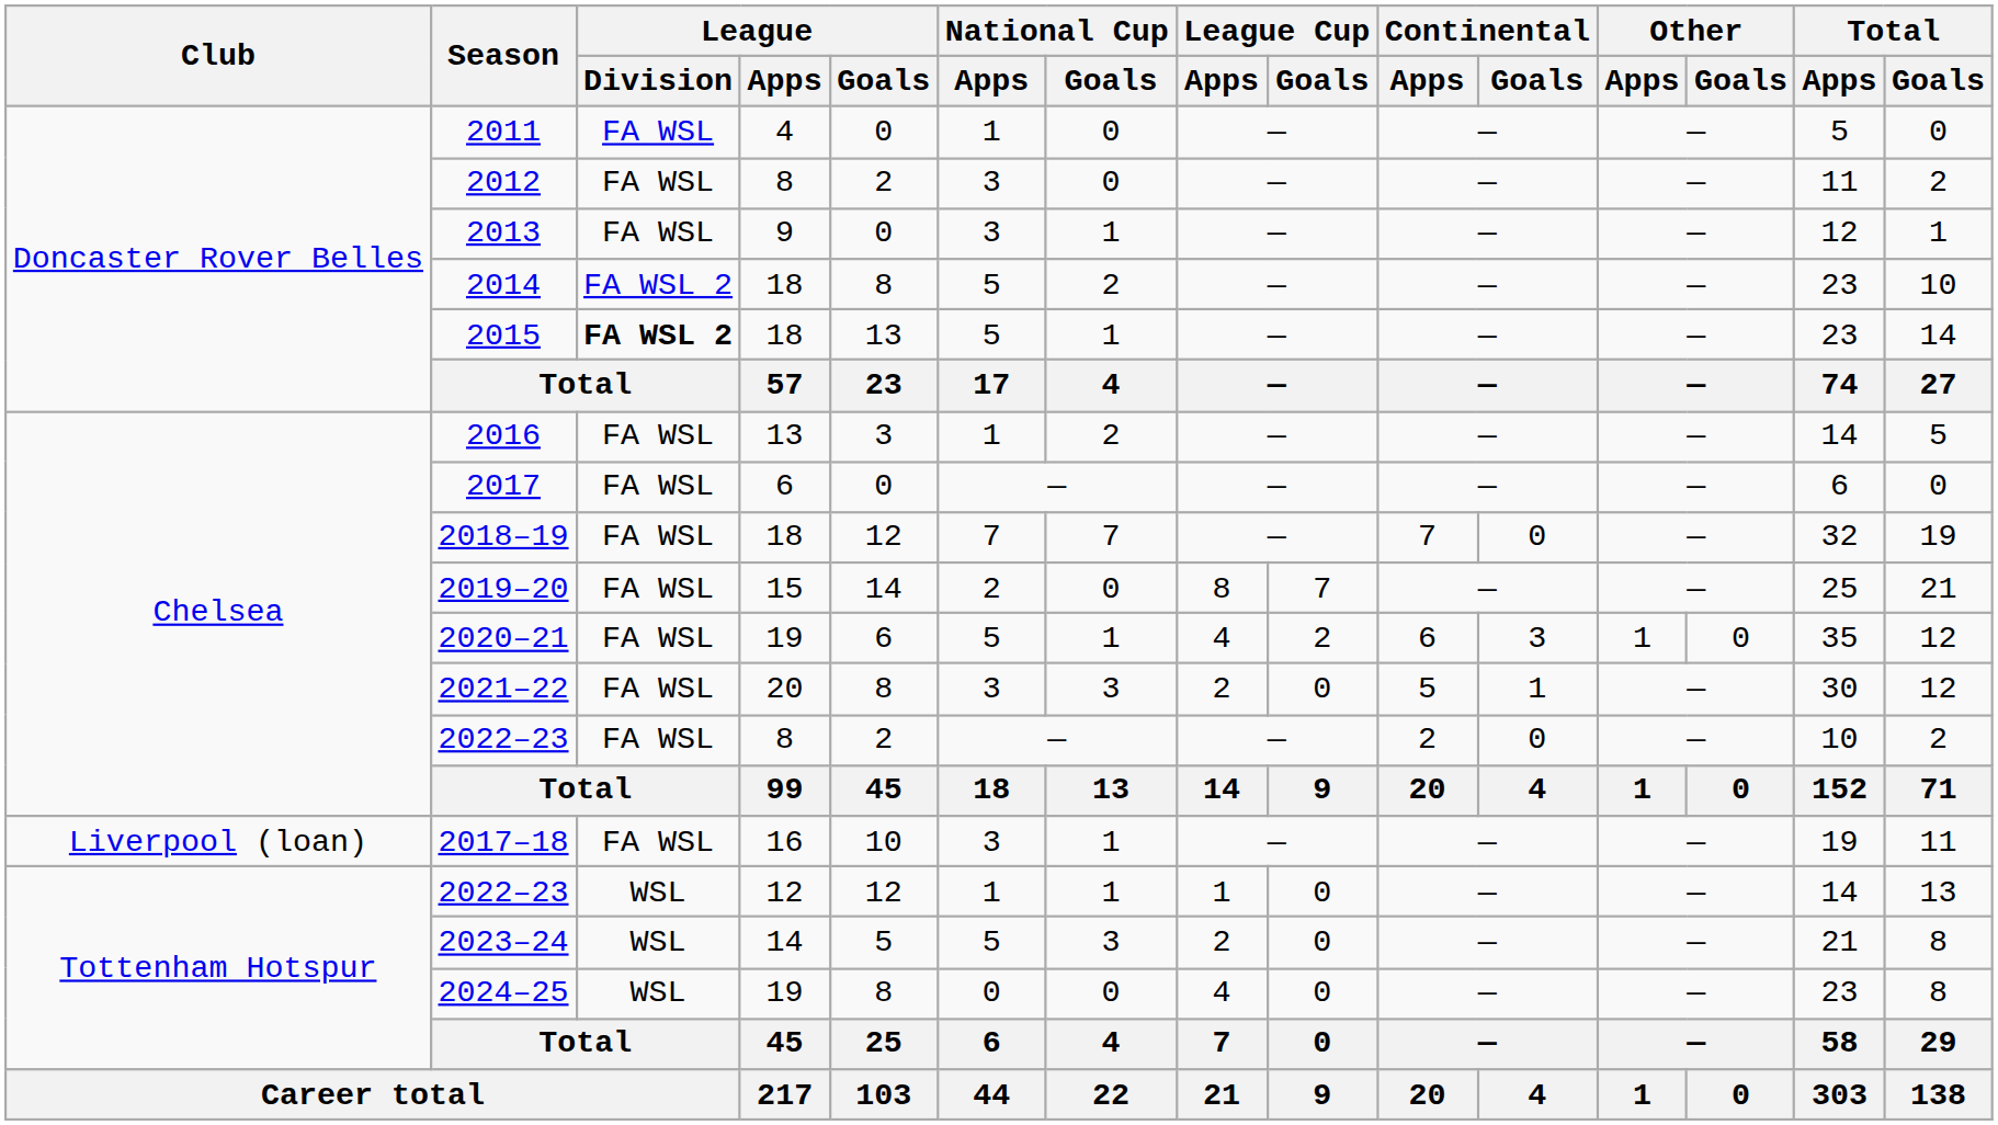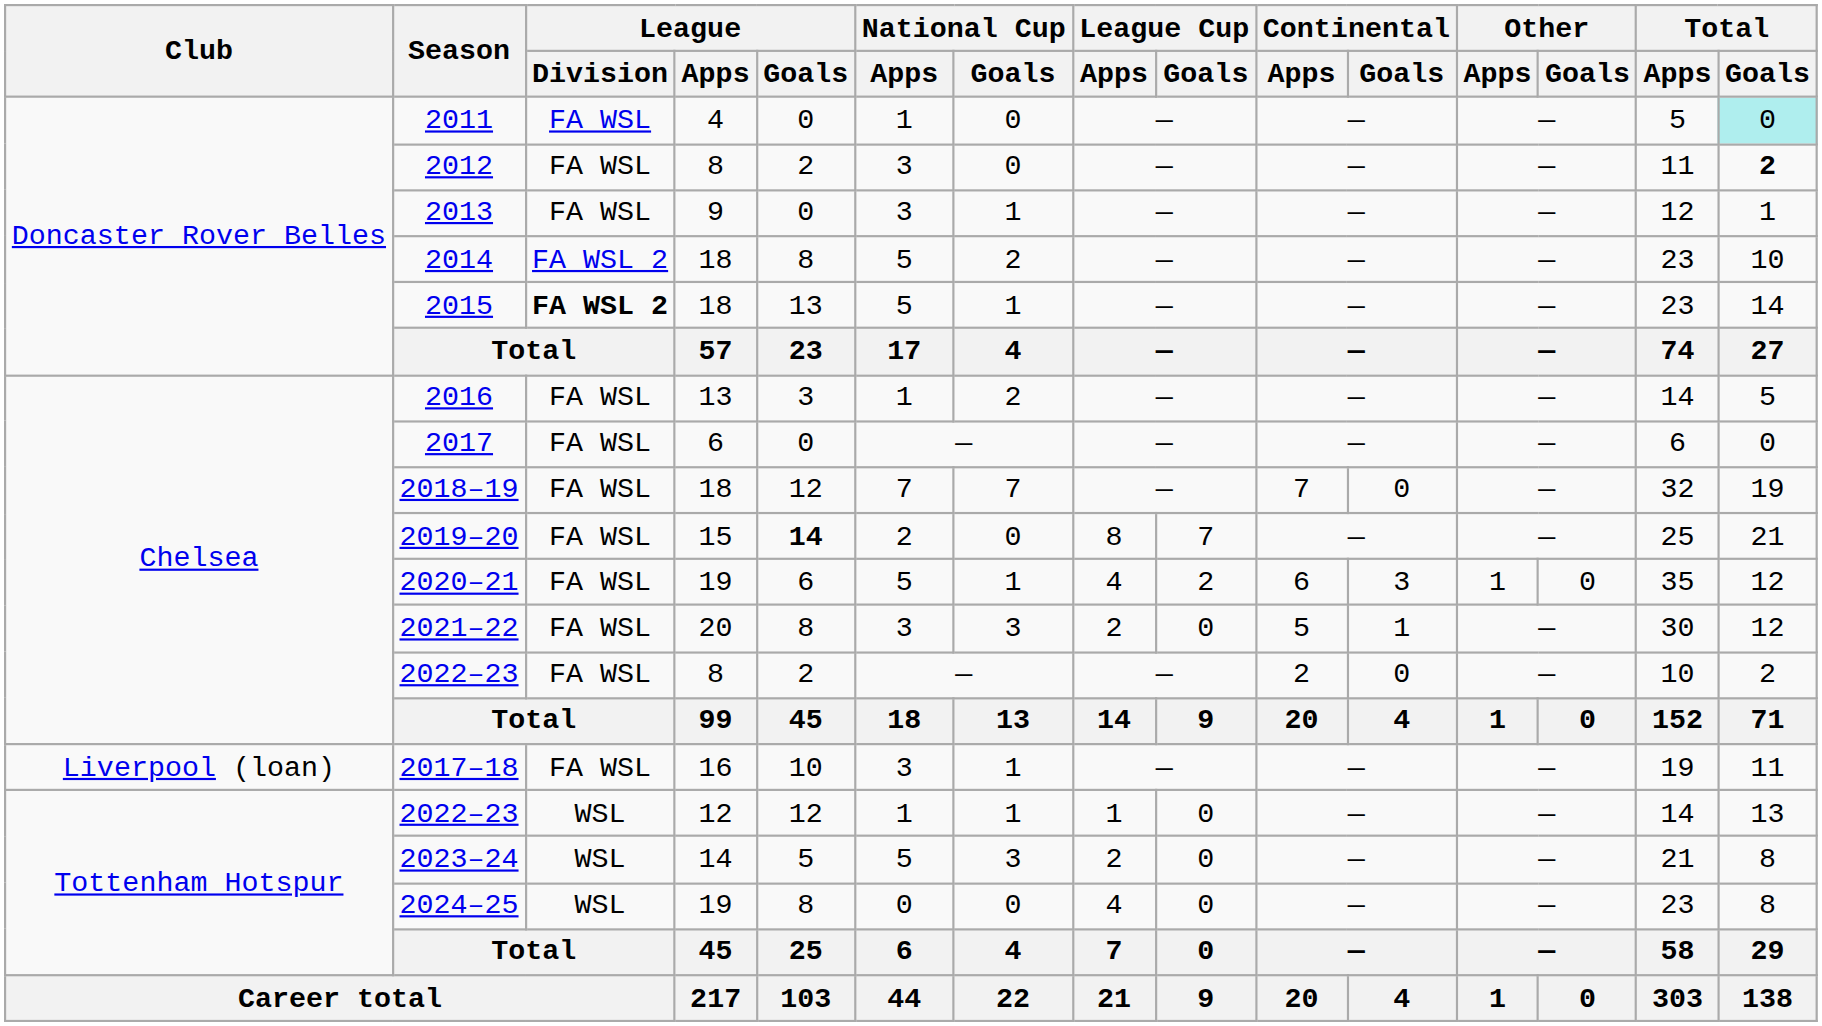 <table class="wikitable" style="text-align: center">
 <tr>
 <th rowspan="2">Club</th>
 <th rowspan="2">Season</th>
 <th colspan="3">League</th>
 <th colspan="2">National Cup</th>
 <th colspan="2">League Cup</th>
 <th colspan="2">Continental</th>
 <th colspan="2">Other</th>
 <th colspan="2">Total</th>
 </tr>
 <tr>
 <th>Division</th>
 <th>Apps</th>
 <th>Goals</th>
 <th>Apps</th>
 <th>Goals</th>
 <th>Apps</th>
 <th>Goals</th>
 <th>Apps</th>
 <th>Goals</th>
 <th>Apps</th>
 <th>Goals</th>
 <th>Apps</th>
 <th>Goals</th>
 </tr>
 <tr>
 <td rowspan="6"><a href='#'>Doncaster Rover Belles</a></td>
 <td><a href='#'>2011</a></td>
 <td><a href='#'>FA WSL</a></td>
 <td>4</td>
 <td>0</td>
 <td>1</td>
 <td>0</td>
 <td colspan="2">—</td>
 <td colspan="2">—</td>
 <td colspan="2">—</td>
 <td>5</td>
-<td>0</td>
+<td style="background: paleturquoise;">0</td>
 </tr>
 <tr>
 <td><a href='#'>2012</a></td>
 <td>FA WSL</td>
 <td>8</td>
 <td>2</td>
 <td>3</td>
 <td>0</td>
 <td colspan="2">—</td>
 <td colspan="2">—</td>
 <td colspan="2">—</td>
 <td>11</td>
-<td>2</td>
+<td><strong>2</strong></td>
 </tr>
 <tr>
 <td><a href='#'>2013</a></td>
 <td>FA WSL</td>
 <td>9</td>
 <td>0</td>
 <td>3</td>
 <td>1</td>
 <td colspan="2">—</td>
 <td colspan="2">—</td>
 <td colspan="2">—</td>
 <td>12</td>
 <td>1</td>
 </tr>
 <tr>
 <td><a href='#'>2014</a></td>
 <td><a href='#'>FA WSL 2</a></td>
 <td>18</td>
 <td>8</td>
 <td>5</td>
 <td>2</td>
 <td colspan="2">—</td>
 <td colspan="2">—</td>
 <td colspan="2">—</td>
 <td>23</td>
 <td>10</td>
 </tr>
 <tr>
 <td><a href='#'>2015</a></td>
 <td><strong>FA WSL 2</strong></td>
 <td>18</td>
 <td>13</td>
 <td>5</td>
 <td>1</td>
 <td colspan="2">—</td>
 <td colspan="2">—</td>
 <td colspan="2">—</td>
 <td>23</td>
 <td>14</td>
 </tr>
 <tr>
 <th colspan="2">Total</th>
 <th>57</th>
 <th>23</th>
 <th>17</th>
 <th>4</th>
 <th colspan="2">—</th>
 <th colspan="2">—</th>
 <th colspan="2">—</th>
 <th>74</th>
 <th>27</th>
 </tr>
 <tr>
 <td rowspan="8"><a href='#'>Chelsea</a></td>
 <td><a href='#'>2016</a></td>
 <td>FA WSL</td>
 <td>13</td>
 <td>3</td>
 <td>1</td>
 <td>2</td>
 <td colspan="2">—</td>
 <td colspan="2">—</td>
 <td colspan="2">—</td>
 <td>14</td>
 <td>5</td>
 </tr>
 <tr>
 <td><a href='#'>2017</a></td>
 <td>FA WSL</td>
 <td>6</td>
 <td>0</td>
 <td colspan="2">—</td>
 <td colspan="2">—</td>
 <td colspan="2">—</td>
 <td colspan="2">—</td>
 <td>6</td>
 <td>0</td>
 </tr>
 <tr>
 <td><a href='#'>2018–19</a></td>
 <td>FA WSL</td>
 <td>18</td>
 <td>12</td>
 <td>7</td>
 <td>7</td>
 <td colspan="2">—</td>
 <td>7</td>
 <td>0</td>
 <td colspan="2">—</td>
 <td>32</td>
 <td>19</td>
 </tr>
 <tr>
 <td><a href='#'>2019–20</a></td>
 <td>FA WSL</td>
 <td>15</td>
-<td>14</td>
+<td><strong>14</strong></td>
 <td>2</td>
 <td>0</td>
 <td>8</td>
 <td>7</td>
 <td colspan="2">—</td>
 <td colspan="2">—</td>
 <td>25</td>
 <td>21</td>
 </tr>
 <tr>
 <td><a href='#'>2020–21</a></td>
 <td>FA WSL</td>
 <td>19</td>
 <td>6</td>
 <td>5</td>
 <td>1</td>
 <td>4</td>
 <td>2</td>
 <td>6</td>
 <td>3</td>
 <td>1</td>
 <td>0</td>
 <td>35</td>
 <td>12</td>
 </tr>
 <tr>
 <td><a href='#'>2021–22</a></td>
 <td>FA WSL</td>
 <td>20</td>
 <td>8</td>
 <td>3</td>
 <td>3</td>
 <td>2</td>
 <td>0</td>
 <td>5</td>
 <td>1</td>
 <td colspan="2">—</td>
 <td>30</td>
 <td>12</td>
 </tr>
 <tr>
 <td><a href='#'>2022–23</a></td>
 <td>FA WSL</td>
 <td>8</td>
 <td>2</td>
 <td colspan="2">—</td>
 <td colspan="2">—</td>
 <td>2</td>
 <td>0</td>
 <td colspan="2">—</td>
 <td>10</td>
 <td>2</td>
 </tr>
 <tr>
 <th colspan="2">Total</th>
 <th>99</th>
 <th>45</th>
 <th>18</th>
 <th>13</th>
 <th>14</th>
 <th>9</th>
 <th>20</th>
 <th>4</th>
 <th>1</th>
 <th>0</th>
 <th>152</th>
 <th>71</th>
 </tr>
 <tr>
 <td><a href='#'>Liverpool</a> (loan)</td>
 <td><a href='#'>2017–18</a></td>
 <td>FA WSL</td>
 <td>16</td>
 <td>10</td>
 <td>3</td>
 <td>1</td>
 <td colspan="2">—</td>
 <td colspan="2">—</td>
 <td colspan="2">—</td>
 <td>19</td>
 <td>11</td>
 </tr>
 <tr>
 <td rowspan="4"><a href='#'>Tottenham Hotspur</a></td>
 <td><a href='#'>2022–23</a></td>
 <td>WSL</td>
 <td>12</td>
 <td>12</td>
 <td>1</td>
 <td>1</td>
 <td>1</td>
 <td>0</td>
 <td colspan="2">—</td>
 <td colspan="2">—</td>
 <td>14</td>
 <td>13</td>
 </tr>
 <tr>
 <td><a href='#'>2023–24</a></td>
 <td>WSL</td>
 <td>14</td>
 <td>5</td>
 <td>5</td>
 <td>3</td>
 <td>2</td>
 <td>0</td>
 <td colspan="2">—</td>
 <td colspan="2">—</td>
 <td>21</td>
 <td>8</td>
 </tr>
 <tr>
 <td><a href='#'>2024–25</a></td>
 <td>WSL</td>
 <td>19</td>
 <td>8</td>
 <td>0</td>
 <td>0</td>
 <td>4</td>
 <td>0</td>
 <td colspan="2">—</td>
 <td colspan="2">—</td>
 <td>23</td>
 <td>8</td>
 </tr>
 <tr>
 <th colspan="2">Total</th>
 <th>45</th>
 <th>25</th>
 <th>6</th>
 <th>4</th>
 <th>7</th>
 <th>0</th>
 <th colspan="2">—</th>
 <th colspan="2">—</th>
 <th>58</th>
 <th>29</th>
 </tr>
 <tr>
 <th colspan="3">Career total</th>
 <th>217</th>
 <th>103</th>
 <th>44</th>
 <th>22</th>
 <th>21</th>
 <th>9</th>
 <th>20</th>
 <th>4</th>
 <th>1</th>
 <th>0</th>
 <th>303</th>
 <th>138</th>
 </tr>
 </table>
